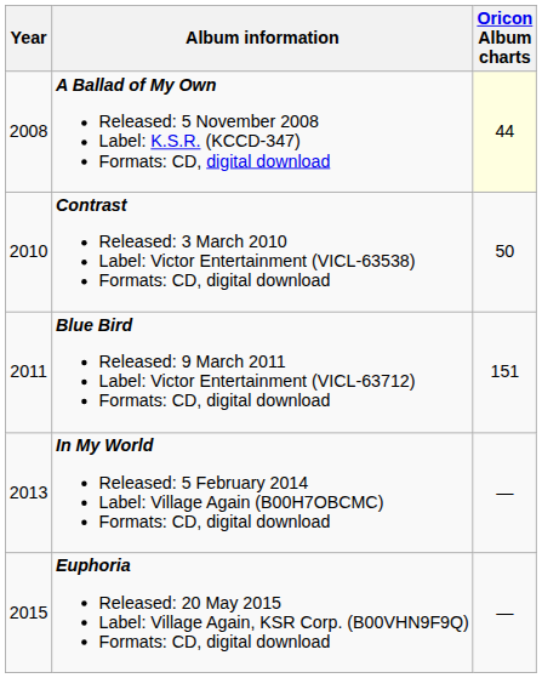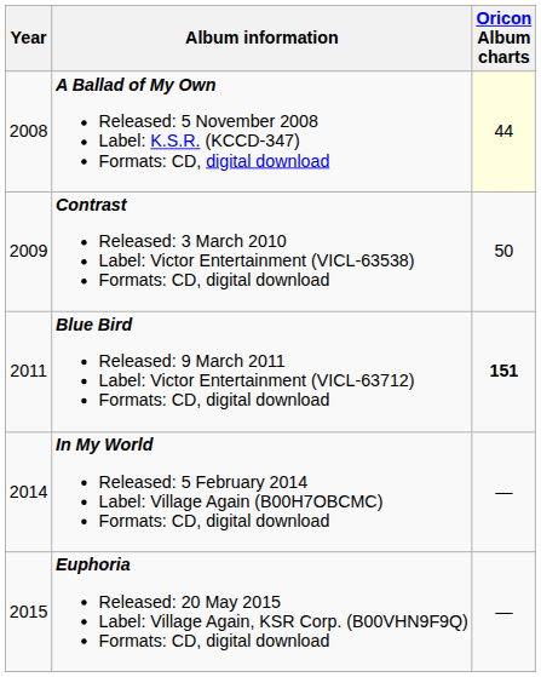 <table class="wikitable">
 <tr>
 <th>Year</th>
 <th>Album information</th>
 <th><a href='#'>Oricon</a><br>Album<br>charts</th>
 </tr>
 <tr>
 <td align="center">2008</td>
 <td><strong><em>A Ballad of My Own</em></strong><br><ul><li>Released: 5 November 2008</li><li>Label: <a href='#'>K.S.R.</a> (KCCD-347)</li><li>Formats: CD, <a href='#'>digital download</a></li></ul></td>
 <td align="center" style="background: lightyellow;">44</td>
 </tr>
 <tr>
-<td align="center">2010</td>
+<td align="center">2009</td>
 <td><strong><em>Contrast</em></strong><br><ul><li>Released: 3 March 2010</li><li>Label: Victor Entertainment (VICL-63538)</li><li>Formats: CD, digital download</li></ul></td>
 <td align="center">50</td>
 </tr>
 <tr>
 <td align="center">2011</td>
 <td><strong><em>Blue Bird</em></strong><br><ul><li>Released: 9 March 2011</li><li>Label: Victor Entertainment (VICL-63712)</li><li>Formats: CD, digital download</li></ul></td>
-<td align="center">151</td>
+<td align="center"><strong>151</strong></td>
 </tr>
 <tr>
-<td>2013</td>
+<td>2014</td>
 <td><strong><em>In My World</em></strong><br><ul><li>Released: 5 February 2014</li><li>Label: Village Again (B00H7OBCMC)</li><li>Formats: CD, digital download</li></ul></td>
 <td align="center">—</td>
 </tr>
 <tr>
 <td>2015</td>
 <td><strong><em>Euphoria</em></strong><br><ul><li>Released: 20 May 2015</li><li>Label: Village Again, KSR Corp. (B00VHN9F9Q)</li><li>Formats: CD, digital download</li></ul></td>
 <td align="center">—</td>
 </tr>
 </table>
